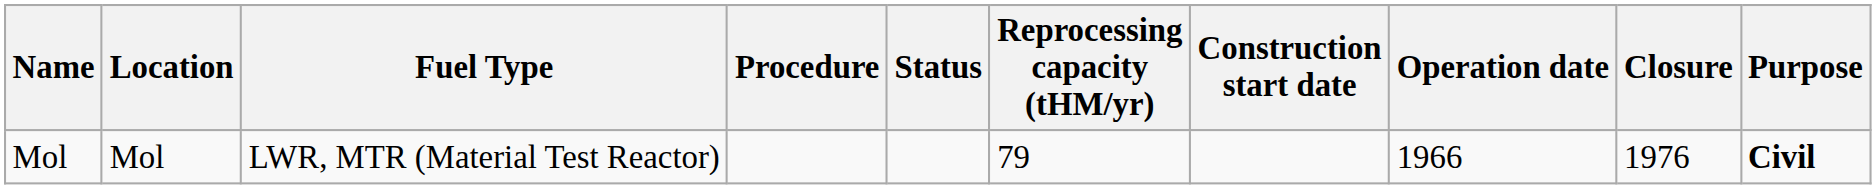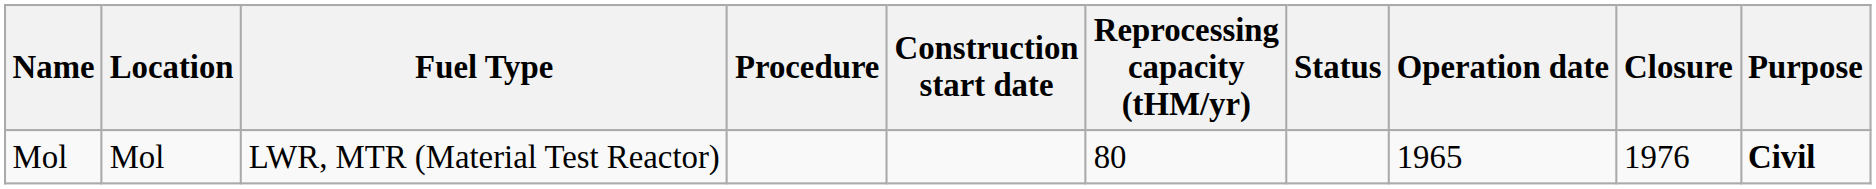 <table class="wikitable">
 <tr>
 <th>Name</th>
 <th>Location</th>
 <th>Fuel Type</th>
 <th>Procedure</th>
+<th>Construction<br>start date</th>
+<th>Reprocessing<br>capacity <br>(tHM/yr)</th>
 <th>Status</th>
-<th>Reprocessing<br>capacity <br>(tHM/yr)</th>
-<th>Construction<br>start date</th>
 <th>Operation date</th>
 <th>Closure</th>
 <th>Purpose</th>
 </tr>
 <tr>
 <td>Mol</td>
 <td>Mol</td>
 <td>LWR, MTR (Material Test Reactor)</td>
 <td></td>
 <td></td>
-<td>79</td>
+<td>80</td>
 <td></td>
-<td>1966</td>
+<td>1965</td>
 <td>1976</td>
 <td><strong>Civil</strong></td>
 </tr>
 </table>
